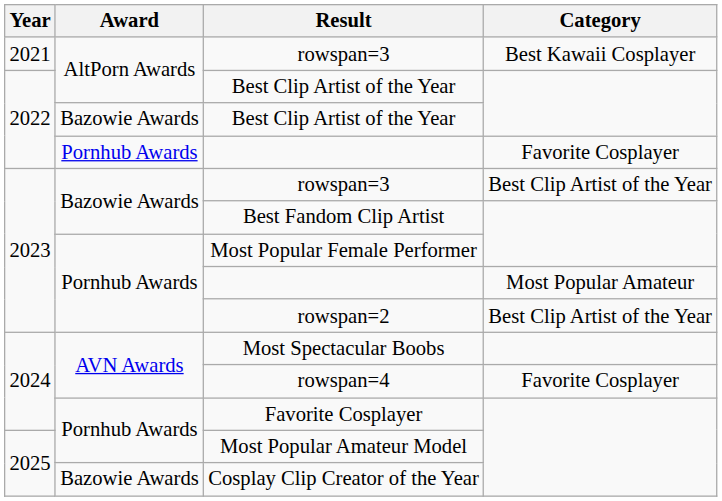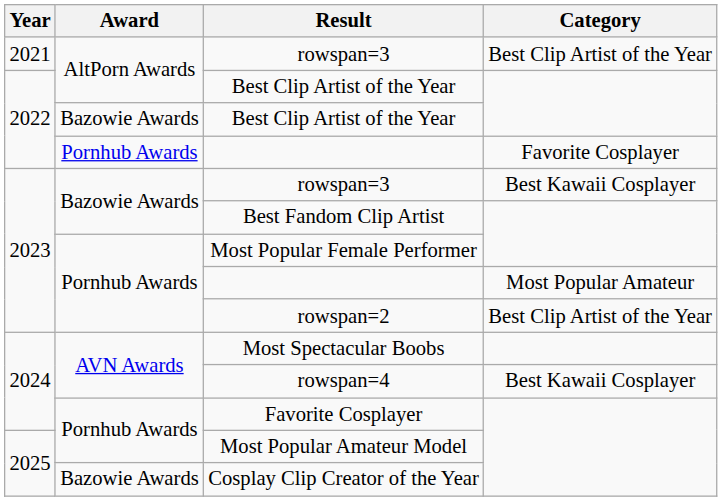 <table class="wikitable" style="text-align:center;">
 <tr>
 <th>Year</th>
 <th>Award</th>
 <th>Result</th>
 <th>Category</th>
 </tr>
 <tr>
 <td>2021</td>
 <td rowspan="2">AltPorn Awards</td>
 <td>rowspan=3 </td>
-<td>Best Kawaii Cosplayer</td>
+<td>Best Clip Artist of the Year</td>
 </tr>
 <tr>
 <td rowspan="3">2022</td>
 <td>Best Clip Artist of the Year</td>
 </tr>
 <tr>
 <td>Bazowie Awards</td>
 <td>Best Clip Artist of the Year</td>
 </tr>
 <tr>
 <td><a href='#'>Pornhub Awards</a></td>
 <td></td>
 <td>Favorite Cosplayer</td>
 </tr>
 <tr>
 <td rowspan="5">2023</td>
 <td rowspan="2">Bazowie Awards</td>
 <td>rowspan=3 </td>
-<td>Best Clip Artist of the Year</td>
+<td>Best Kawaii Cosplayer</td>
 </tr>
 <tr>
 <td>Best Fandom Clip Artist</td>
 </tr>
 <tr>
 <td rowspan="3">Pornhub Awards</td>
 <td>Most Popular Female Performer</td>
 </tr>
 <tr>
 <td></td>
 <td>Most Popular Amateur</td>
 </tr>
 <tr>
 <td>rowspan=2 </td>
 <td>Best Clip Artist of the Year</td>
 </tr>
 <tr>
 <td rowspan="3">2024</td>
 <td rowspan="2"><a href='#'>AVN Awards</a></td>
 <td>Most Spectacular Boobs</td>
 </tr>
 <tr>
 <td>rowspan=4 </td>
-<td>Favorite Cosplayer</td>
+<td>Best Kawaii Cosplayer</td>
 </tr>
 <tr>
 <td rowspan=2>Pornhub Awards</td>
 <td>Favorite Cosplayer</td>
 </tr>
 <tr>
 <td rowspan=2>2025</td>
 <td>Most Popular Amateur Model</td>
 </tr>
 <tr>
 <td>Bazowie Awards</td>
 <td>Cosplay Clip Creator of the Year</td>
 </tr>
 </table>
